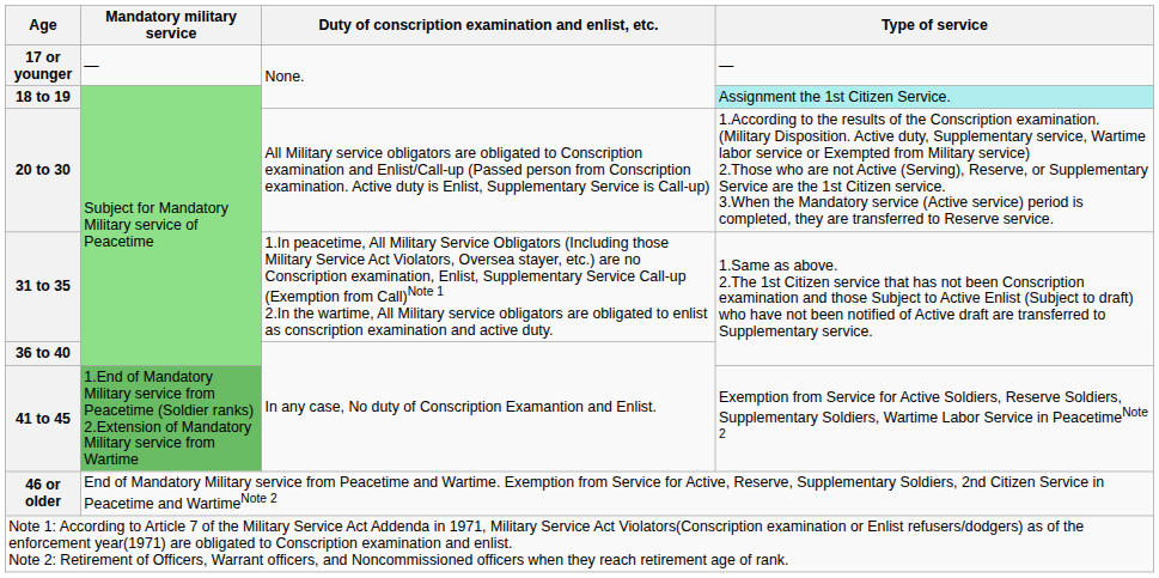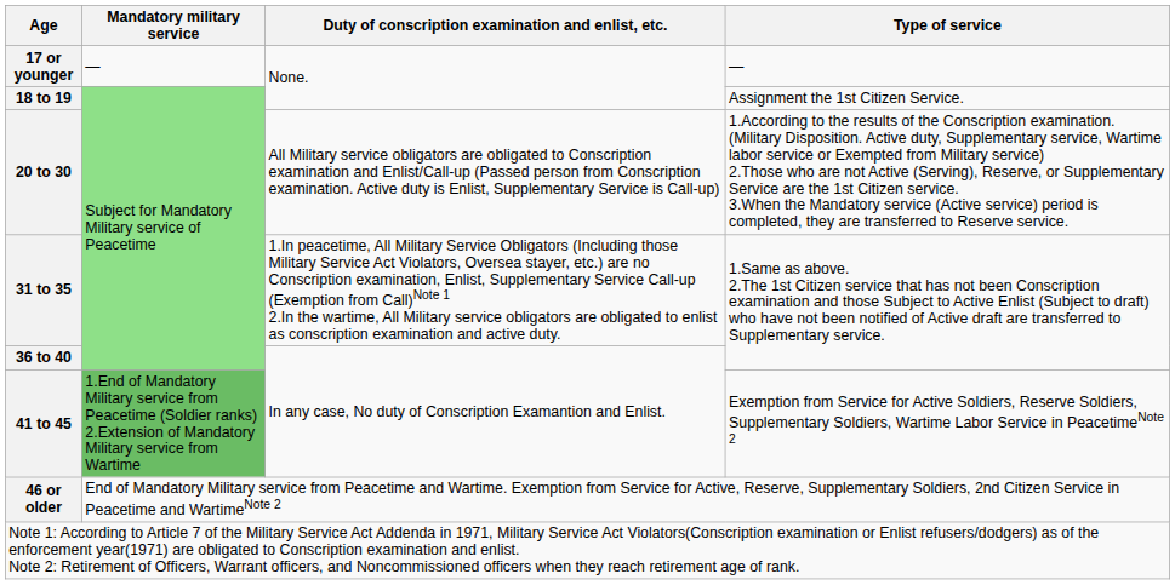 <table class="wikitable">
 <tr>
 <th>Age</th>
 <th>Mandatory military service</th>
 <th>Duty of conscription examination and enlist, etc.</th>
 <th>Type of service</th>
 </tr>
 <tr>
 <th>17 or younger</th>
 <td>—</td>
 <td rowspan="2">None.</td>
 <td>—</td>
 </tr>
 <tr>
 <th>18 to 19</th>
 <td style="background:#8ee088;" rowspan="4">Subject for Mandatory Military service of Peacetime</td>
-<td style="background: paleturquoise;">Assignment the 1st Citizen Service.</td>
+<td>Assignment the 1st Citizen Service.</td>
 </tr>
 <tr>
 <th>20 to 30</th>
 <td>All Military service obligators are obligated to Conscription examination and Enlist/Call-up (Passed person from Conscription examination. Active duty is Enlist, Supplementary Service is Call-up)</td>
 <td>1.According to the results of the Conscription examination. (Military Disposition. Active duty, Supplementary service, Wartime labor service or Exempted from Military service)<br>2.Those who are not Active (Serving), Reserve, or Supplementary Service are the 1st Citizen service.<br>3.When the Mandatory service (Active service) period is completed, they are transferred to Reserve service.</td>
 </tr>
 <tr>
 <th>31 to 35</th>
 <td>1.In peacetime, All Military Service Obligators (Including those Military Service Act Violators, Oversea stayer, etc.) are no Conscription examination, Enlist, Supplementary Service Call-up (Exemption from Call)<sup>Note 1</sup><br>2.In the wartime, All Military service obligators are obligated to enlist as conscription examination and active duty.</td>
 <td rowspan="2">1.Same as above.<br>2.The 1st Citizen service that has not been Conscription examination and those Subject to Active Enlist (Subject to draft) who have not been notified of Active draft are transferred to Supplementary service.</td>
 </tr>
 <tr>
 <th>36 to 40</th>
 <td rowspan="2">In any case, No duty of Conscription Examantion and Enlist.</td>
 </tr>
 <tr>
 <th>41 to 45</th>
 <td style="background:#6abc64;">1.End of Mandatory Military service from Peacetime (Soldier ranks)<br>2.Extension of Mandatory Military service from Wartime</td>
 <td>Exemption from Service for Active Soldiers, Reserve Soldiers, Supplementary Soldiers, Wartime Labor Service in Peacetime<sup>Note 2</sup></td>
 </tr>
 <tr>
 <th>46 or older</th>
 <td colspan="3">End of Mandatory Military service from Peacetime and Wartime. Exemption from Service for Active, Reserve, Supplementary Soldiers, 2nd Citizen Service in Peacetime and Wartime<sup>Note 2</sup></td>
 </tr>
 <tr>
 <td colspan="4">Note 1: According to Article 7 of the Military Service Act Addenda in 1971, Military Service Act Violators(Conscription examination or Enlist refusers/dodgers) as of the enforcement year(1971) are obligated to Conscription examination and enlist.<br>Note 2: Retirement of Officers, Warrant officers, and Noncommissioned officers when they reach retirement age of rank.</td>
 </tr>
 </table>
